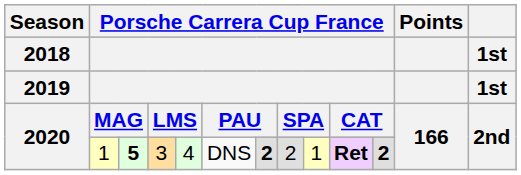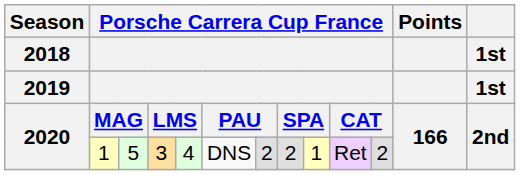 <table class="wikitable" style="font-size: 85%; text-align:center">
 <tr valign="top">
 <th>Season</th>
 <th colspan=10><a href='#'>Porsche Carrera Cup France</a></th>
 <th>Points</th>
 <th></th>
 </tr>
 <tr>
 <th align=left>2018</th>
 <th colspan=10></th>
 <th></th>
 <th>1st</th>
 </tr>
 <tr>
 <th align=left>2019</th>
 <th colspan=10></th>
 <th></th>
 <th>1st</th>
 </tr>
 <tr>
 <th rowspan=2 align=left>2020</th>
 <th colspan=2><a href='#'>MAG</a><br></th>
 <th colspan=2><a href='#'>LMS</a><br></th>
 <th colspan=2><a href='#'>PAU</a><br></th>
 <th colspan=2><a href='#'>SPA</a><br></th>
 <th colspan=2><a href='#'>CAT</a><br></th>
 <th rowspan=2>166</th>
 <th rowspan=2>2nd</th>
 </tr>
 <tr>
 <td style="background:#FFFFBF;">1</td>
-<td style="background:#DFFFDF;"><strong>5</strong></td>
+<td style="background:#DFFFDF;">5</td>
 <td style="background:#FFDF9F;">3</td>
 <td style="background:#DFFFDF;">4</td>
 <td style="background:">DNS</td>
-<td style="background:#DFDFDF;"><strong>2</strong></td>
+<td style="background:#DFDFDF;">2</td>
 <td style="background:#DFDFDF;">2</td>
 <td style="background:#FFFFBF;">1</td>
-<td style="background:#EFCFFF;"><strong>Ret</strong></td>
-<td style="background:#DFDFDF;"><strong>2</strong></td>
+<td style="background:#EFCFFF;">Ret</td>
+<td style="background:#DFDFDF;">2</td>
 </tr>
 </table>
